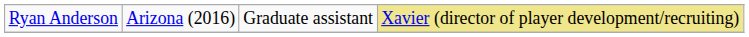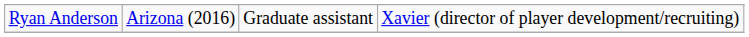 <table class="wikitable sortable" style="text-align: center">
 <tr align=center>
 </tr>
 <tr>
 <td><a href='#'>Ryan Anderson</a></td>
 <td><a href='#'>Arizona</a> (2016)</td>
 <td>Graduate assistant</td>
-<td style="background: khaki;"><a href='#'>Xavier</a> (director of player development/recruiting)</td>
+<td><a href='#'>Xavier</a> (director of player development/recruiting)</td>
 </tr>
 <tr>
 </tr>
 </table>
